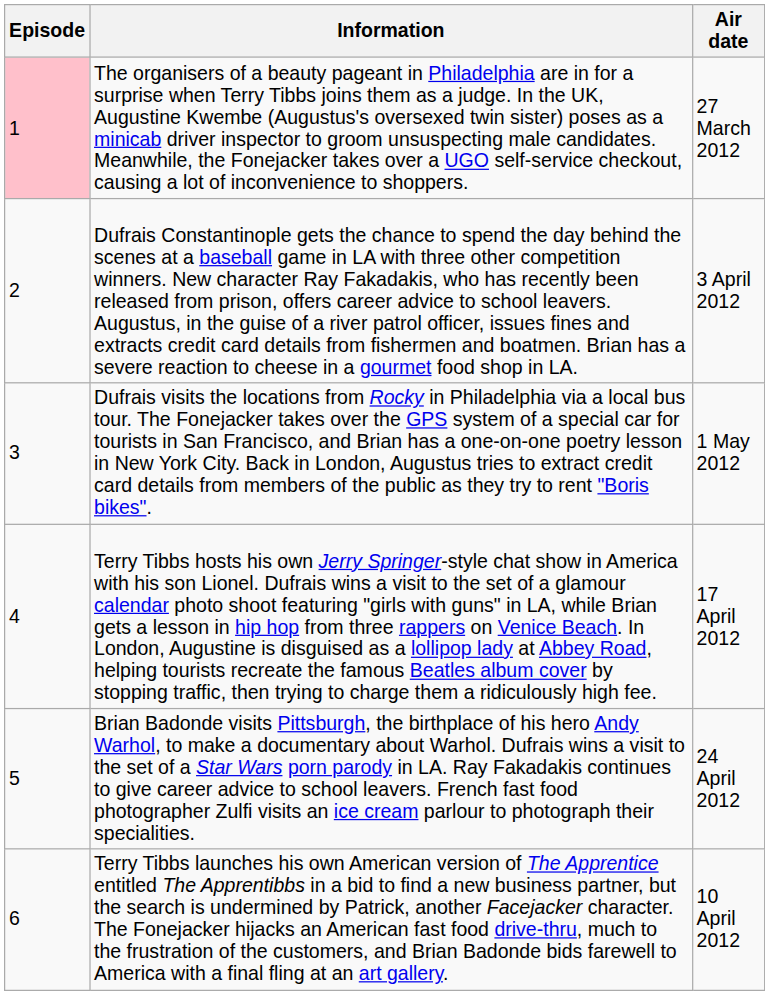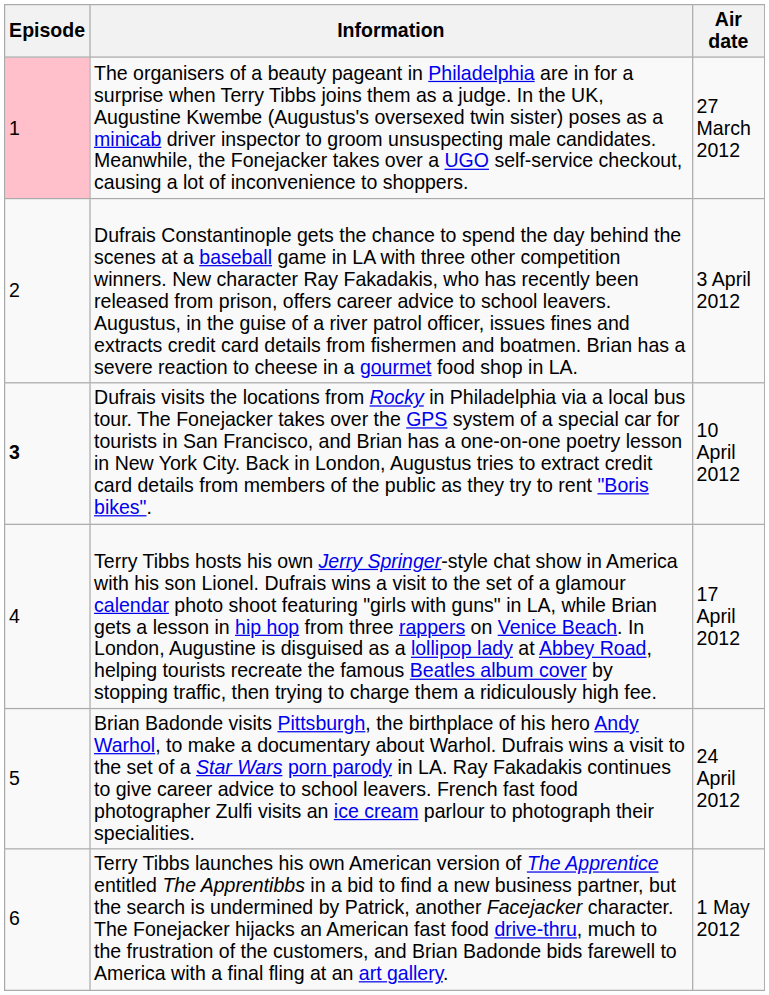 <table class="wikitable"  style="width:100%; margin-right:0;">
 <tr>
 <th>Episode</th>
 <th>Information</th>
 <th>Air date</th>
 </tr>
 <tr>
 <td style="background: pink;">1</td>
 <td>The organisers of a beauty pageant in <a href='#'>Philadelphia</a> are in for a surprise when Terry Tibbs joins them as a judge. In the UK, Augustine Kwembe (Augustus's oversexed twin sister) poses as a <a href='#'>minicab</a> driver inspector to groom unsuspecting male candidates. Meanwhile, the Fonejacker takes over a <a href='#'>UGO</a> self-service checkout, causing a lot of inconvenience to shoppers.</td>
 <td>27 March 2012</td>
 </tr>
 <tr>
 <td>2</td>
 <td><br>Dufrais Constantinople gets the chance to spend the day behind the scenes at a <a href='#'>baseball</a> game in LA with three other competition winners. New character Ray Fakadakis, who has recently been released from prison, offers career advice to school leavers. Augustus, in the guise of a river patrol officer, issues fines and extracts credit card details from fishermen and boatmen. Brian has a severe reaction to cheese in a <a href='#'>gourmet</a> food shop in LA.</td>
 <td>3 April 2012</td>
 </tr>
 <tr>
-<td>3</td>
+<td><strong>3</strong></td>
 <td>Dufrais visits the locations from <em><a href='#'>Rocky</a></em> in Philadelphia via a local bus tour. The Fonejacker takes over the <a href='#'>GPS</a> system of a special car for tourists in San Francisco, and Brian has a one-on-one poetry lesson in New York City. Back in London, Augustus tries to extract credit card details from members of the public as they try to rent <a href='#'>"Boris bikes"</a>.</td>
-<td>1 May 2012</td>
+<td>10 April 2012</td>
 </tr>
 <tr>
 <td>4</td>
 <td><br>Terry Tibbs hosts his own <em><a href='#'>Jerry Springer</a></em>-style chat show in America with his son Lionel. Dufrais wins a visit to the set of a glamour <a href='#'>calendar</a> photo shoot featuring "girls with guns" in LA, while Brian gets a lesson in <a href='#'>hip hop</a> from three <a href='#'>rappers</a> on <a href='#'>Venice Beach</a>. In London, Augustine is disguised as a <a href='#'>lollipop lady</a> at <a href='#'>Abbey Road</a>, helping tourists recreate the famous <a href='#'>Beatles album cover</a> by stopping traffic, then trying to charge them a ridiculously high fee.</td>
 <td>17 April 2012</td>
 </tr>
 <tr>
 <td>5</td>
 <td>Brian Badonde visits <a href='#'>Pittsburgh</a>, the birthplace of his hero <a href='#'>Andy Warhol</a>, to make a documentary about Warhol. Dufrais wins a visit to the set of a <em><a href='#'>Star Wars</a></em> <a href='#'>porn parody</a> in LA. Ray Fakadakis continues to give career advice to school leavers. French fast food photographer Zulfi visits an <a href='#'>ice cream</a> parlour to photograph their specialities.</td>
 <td>24 April 2012</td>
 </tr>
 <tr>
 <td>6</td>
 <td>Terry Tibbs launches his own American version of <em><a href='#'>The Apprentice</a></em> entitled <em>The Apprentibbs</em> in a bid to find a new business partner, but the search is undermined by Patrick, another <em>Facejacker</em> character. The Fonejacker hijacks an American fast food <a href='#'>drive-thru</a>, much to the frustration of the customers, and Brian Badonde bids farewell to America with a final fling at an <a href='#'>art gallery</a>.</td>
-<td>10 April 2012</td>
+<td>1 May 2012</td>
 </tr>
 </table>
